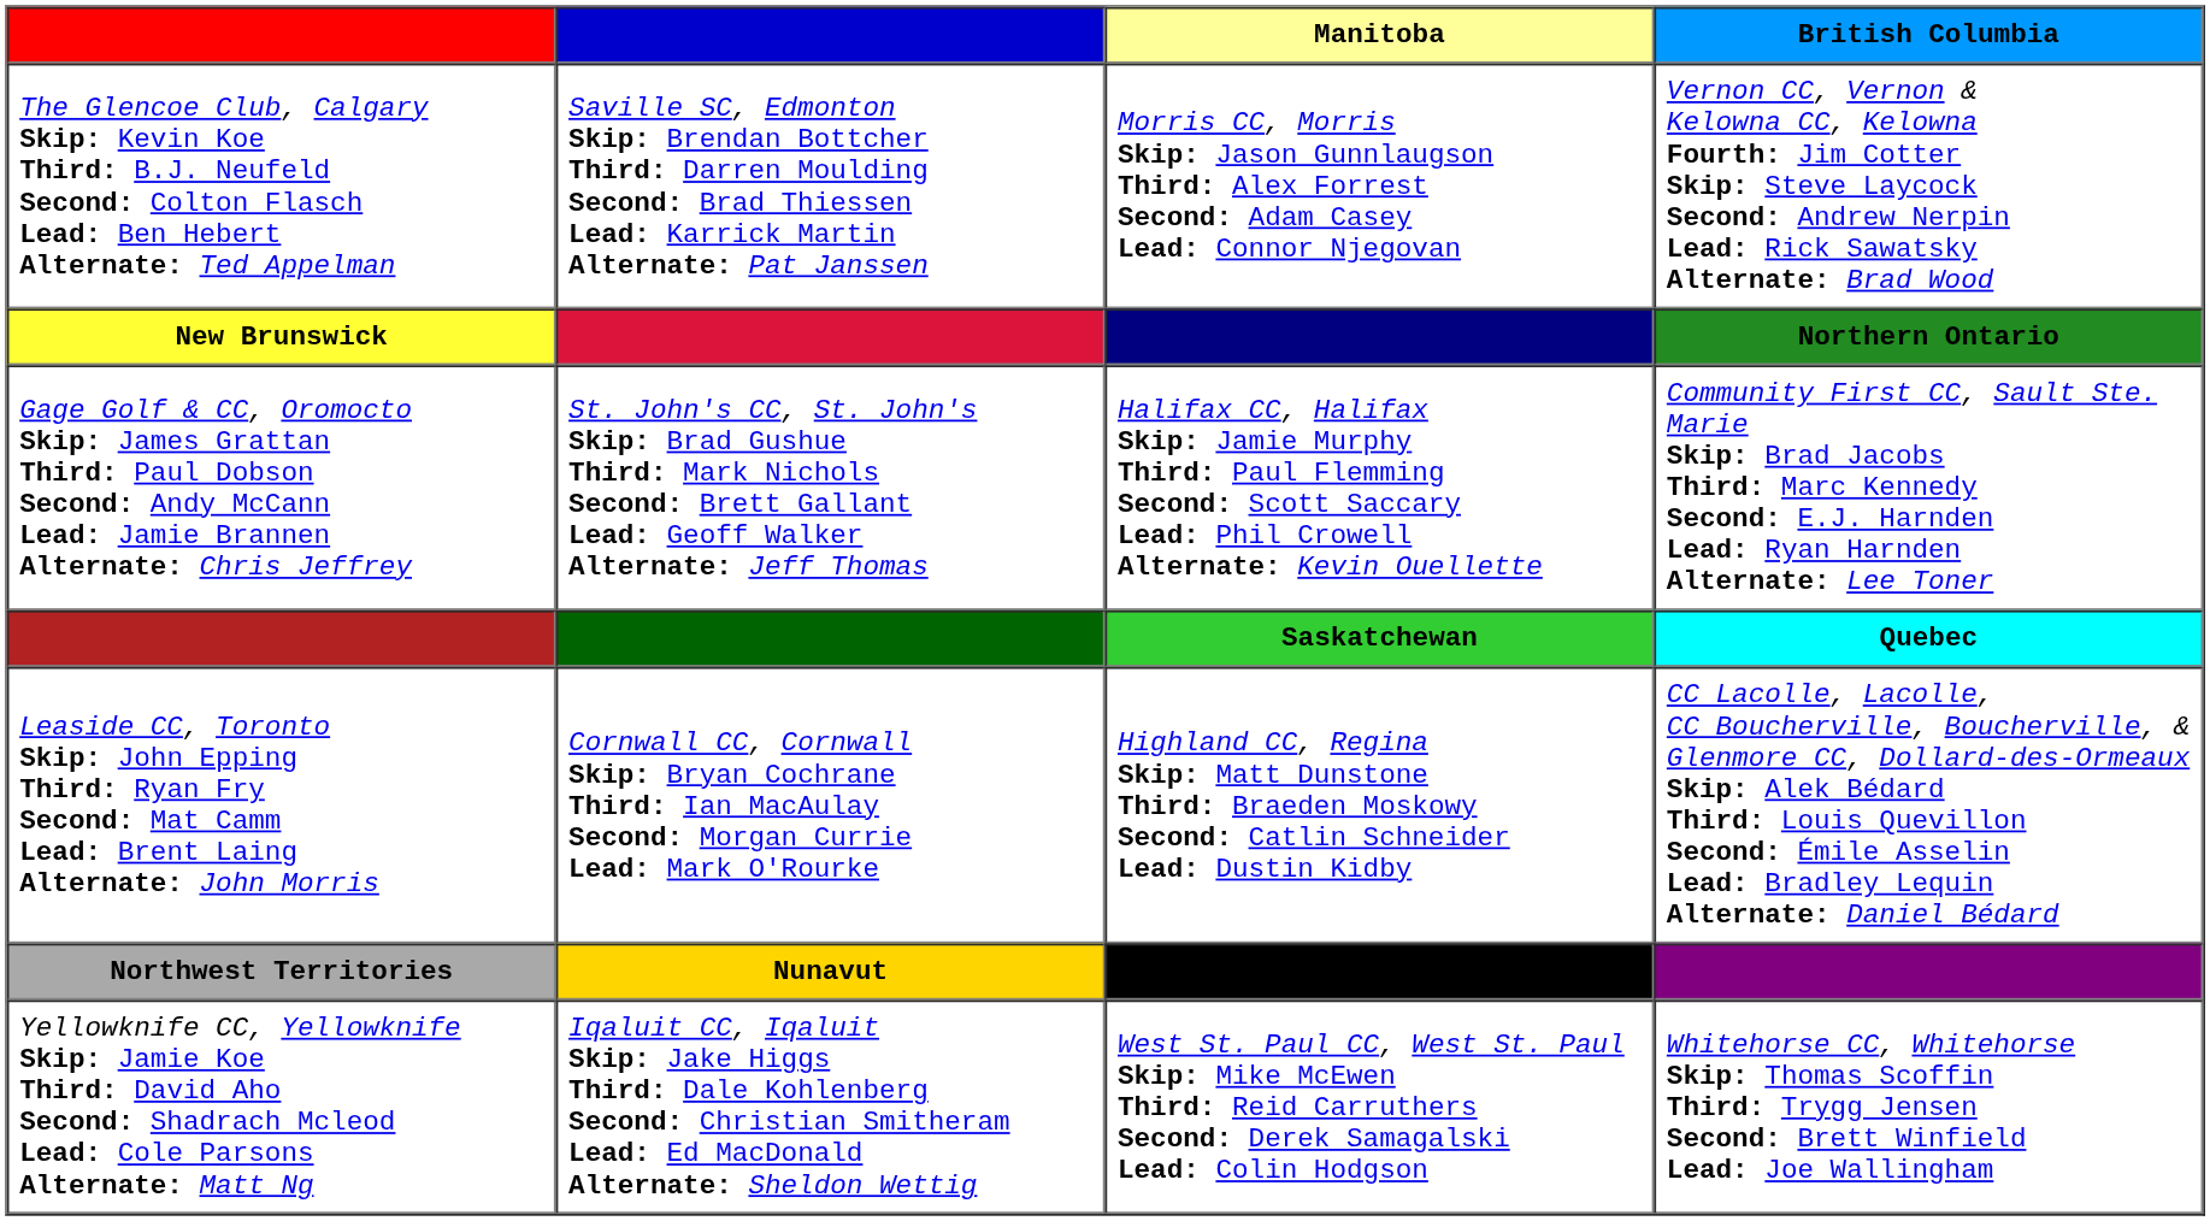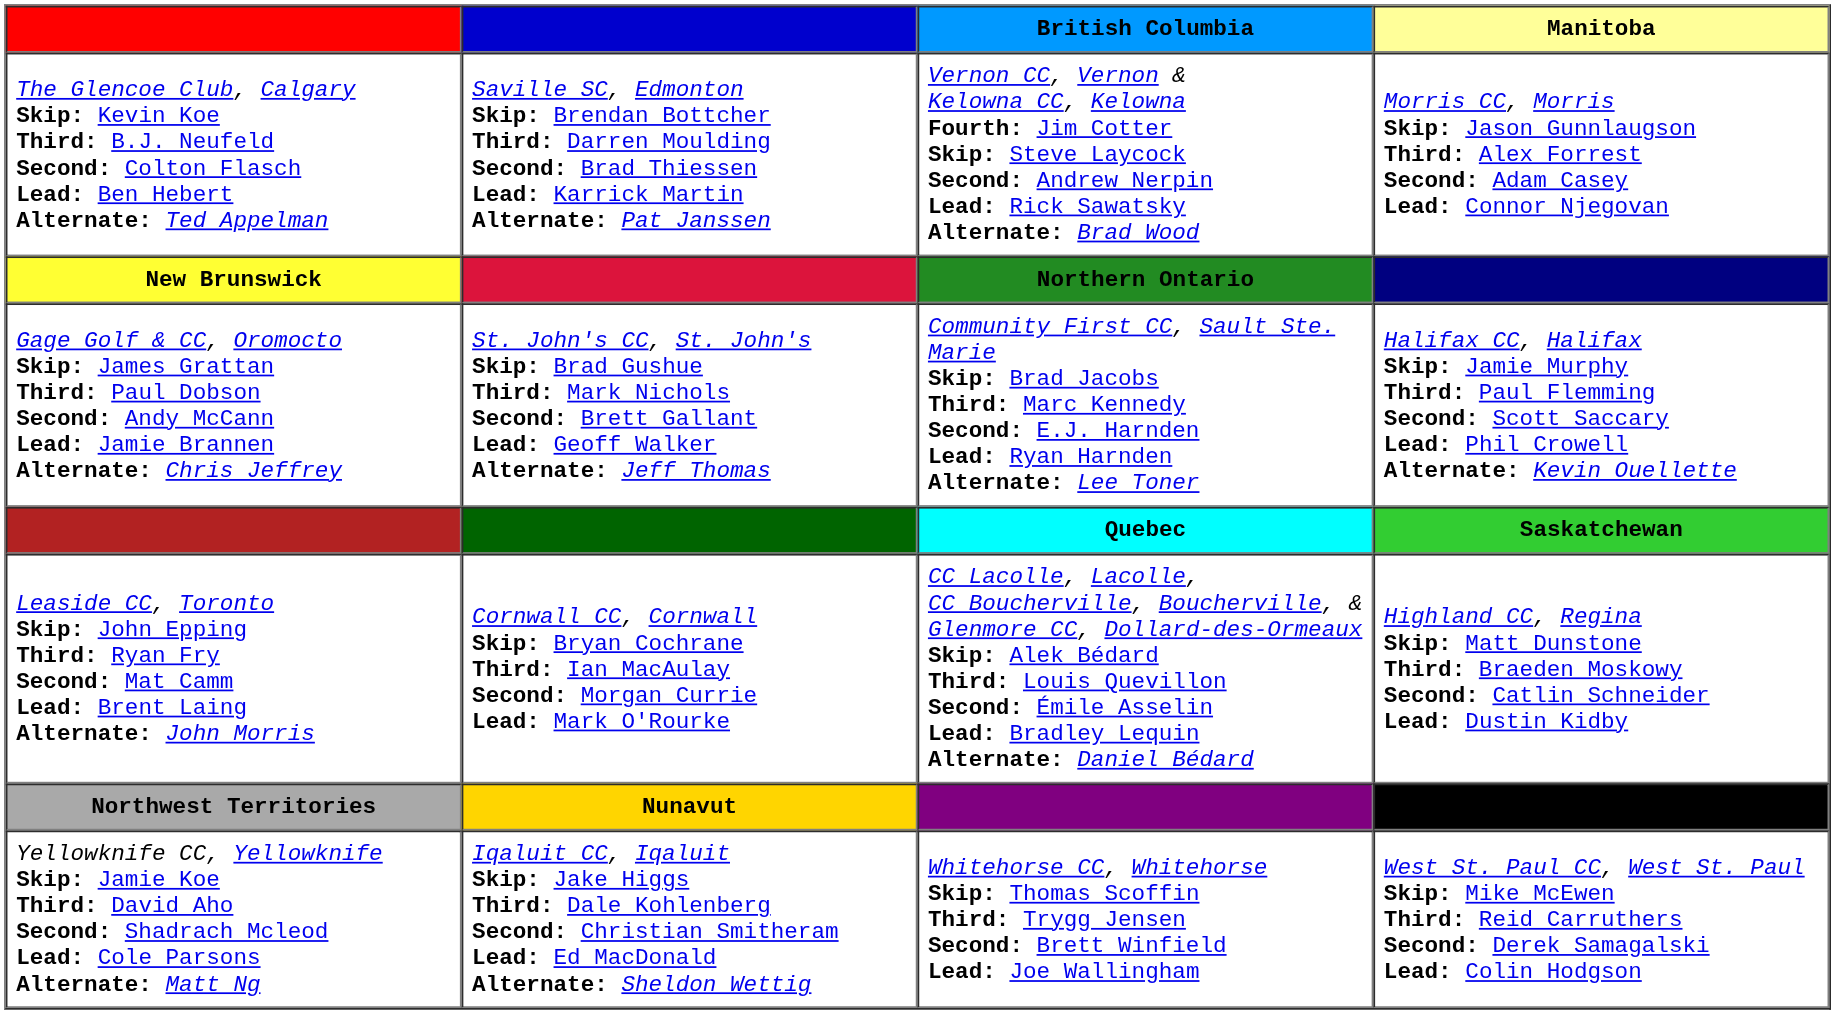 <table border=1 cellpadding=5 cellspacing=0>
 <tr>
 <th bgcolor="#FF0000" width="250"> </th>
 <th bgcolor="#0000CD" width="250"> </th>
+<th bgcolor="#0099FF" width="250"> British Columbia</th>
 <th bgcolor="#FFFF99" width="250"> Manitoba</th>
-<th bgcolor="#0099FF" width="250"> British Columbia</th>
 </tr>
 <tr>
 <td><em><a href='#'>The Glencoe Club</a>, <a href='#'>Calgary</a></em><br><strong>Skip:</strong> <a href='#'>Kevin Koe</a><br> <strong>Third:</strong> <a href='#'>B.J. Neufeld</a><br> <strong>Second:</strong> <a href='#'>Colton Flasch</a><br> <strong>Lead:</strong> <a href='#'>Ben Hebert</a><br> <strong>Alternate:</strong> <em><a href='#'>Ted Appelman</a></em></td>
 <td><em><a href='#'>Saville SC</a>, <a href='#'>Edmonton</a></em><br><strong>Skip:</strong> <a href='#'>Brendan Bottcher</a><br> <strong>Third:</strong> <a href='#'>Darren Moulding</a><br> <strong>Second:</strong> <a href='#'>Brad Thiessen</a><br> <strong>Lead:</strong> <a href='#'>Karrick Martin</a><br> <strong>Alternate:</strong> <em><a href='#'>Pat Janssen</a></em></td>
+<td><em><a href='#'>Vernon CC</a>, <a href='#'>Vernon</a> &<br><a href='#'>Kelowna CC</a>, <a href='#'>Kelowna</a></em><br><strong>Fourth:</strong> <a href='#'>Jim Cotter</a><br> <strong>Skip:</strong> <a href='#'>Steve Laycock</a><br> <strong>Second:</strong> <a href='#'>Andrew Nerpin</a><br> <strong>Lead:</strong> <a href='#'>Rick Sawatsky</a><br> <strong>Alternate:</strong> <em><a href='#'>Brad Wood</a></em></td>
 <td><em><a href='#'>Morris CC</a>, <a href='#'>Morris</a></em><br><strong>Skip:</strong> <a href='#'>Jason Gunnlaugson</a><br> <strong>Third:</strong> <a href='#'>Alex Forrest</a><br> <strong>Second:</strong> <a href='#'>Adam Casey</a><br> <strong>Lead:</strong> <a href='#'>Connor Njegovan</a></td>
-<td><em><a href='#'>Vernon CC</a>, <a href='#'>Vernon</a> &<br><a href='#'>Kelowna CC</a>, <a href='#'>Kelowna</a></em><br><strong>Fourth:</strong> <a href='#'>Jim Cotter</a><br> <strong>Skip:</strong> <a href='#'>Steve Laycock</a><br> <strong>Second:</strong> <a href='#'>Andrew Nerpin</a><br> <strong>Lead:</strong> <a href='#'>Rick Sawatsky</a><br> <strong>Alternate:</strong> <em><a href='#'>Brad Wood</a></em></td>
 </tr>
 <tr border=1 cellpadding=5 cellspacing=0>
 <th bgcolor="#FFFF33" width="250"> New Brunswick</th>
 <th bgcolor="#DC143C" width="250"> </th>
+<th bgcolor="#228B22" width="250"> Northern Ontario</th>
 <th bgcolor="#000080" width="250"> </th>
-<th bgcolor="#228B22" width="250"> Northern Ontario</th>
 </tr>
 <tr>
 <td><em><a href='#'>Gage Golf & CC</a>, <a href='#'>Oromocto</a></em><br><strong>Skip:</strong> <a href='#'>James Grattan</a><br> <strong>Third:</strong> <a href='#'>Paul Dobson</a><br> <strong>Second:</strong> <a href='#'>Andy McCann</a><br> <strong>Lead:</strong> <a href='#'>Jamie Brannen</a><br> <strong>Alternate:</strong> <em><a href='#'>Chris Jeffrey</a></em></td>
 <td><em><a href='#'>St. John's CC</a>, <a href='#'>St. John's</a></em><br><strong>Skip:</strong> <a href='#'>Brad Gushue</a><br> <strong>Third:</strong> <a href='#'>Mark Nichols</a><br> <strong>Second:</strong> <a href='#'>Brett Gallant</a><br> <strong>Lead:</strong> <a href='#'>Geoff Walker</a><br> <strong>Alternate:</strong> <em><a href='#'>Jeff Thomas</a></em></td>
+<td><em><a href='#'>Community First CC</a>, <a href='#'>Sault Ste. Marie</a></em><br><strong>Skip:</strong> <a href='#'>Brad Jacobs</a><br> <strong>Third:</strong> <a href='#'>Marc Kennedy</a><br> <strong>Second:</strong> <a href='#'>E.J. Harnden</a><br> <strong>Lead:</strong> <a href='#'>Ryan Harnden</a><br> <strong>Alternate:</strong> <em><a href='#'>Lee Toner</a></em></td>
 <td><em><a href='#'>Halifax CC</a>, <a href='#'>Halifax</a></em><br><strong>Skip:</strong> <a href='#'>Jamie Murphy</a><br> <strong>Third:</strong> <a href='#'>Paul Flemming</a><br> <strong>Second:</strong> <a href='#'>Scott Saccary</a><br> <strong>Lead:</strong>  <a href='#'>Phil Crowell</a><br> <strong>Alternate:</strong> <em><a href='#'>Kevin Ouellette</a></em></td>
-<td><em><a href='#'>Community First CC</a>, <a href='#'>Sault Ste. Marie</a></em><br><strong>Skip:</strong> <a href='#'>Brad Jacobs</a><br> <strong>Third:</strong> <a href='#'>Marc Kennedy</a><br> <strong>Second:</strong> <a href='#'>E.J. Harnden</a><br> <strong>Lead:</strong> <a href='#'>Ryan Harnden</a><br> <strong>Alternate:</strong> <em><a href='#'>Lee Toner</a></em></td>
 </tr>
 <tr border=1 cellpadding=5 cellspacing=0>
 <th bgcolor="#B22222" width="250"> </th>
 <th bgcolor="#006400" width="250"> </th>
+<th bgcolor="#00FFFF" width="250"> Quebec</th>
 <th bgcolor="#32CD32" width="250"> Saskatchewan</th>
-<th bgcolor="#00FFFF" width="250"> Quebec</th>
 </tr>
 <tr>
 <td><em><a href='#'>Leaside CC</a>, <a href='#'>Toronto</a></em><br><strong>Skip:</strong> <a href='#'>John Epping</a><br> <strong>Third:</strong> <a href='#'>Ryan Fry</a><br> <strong>Second:</strong> <a href='#'>Mat Camm</a><br> <strong>Lead:</strong> <a href='#'>Brent Laing</a><br> <strong>Alternate:</strong> <em><a href='#'>John Morris</a></em></td>
 <td><em><a href='#'>Cornwall CC</a>, <a href='#'>Cornwall</a></em><br><strong>Skip:</strong> <a href='#'>Bryan Cochrane</a><br> <strong>Third:</strong> <a href='#'>Ian MacAulay</a><br> <strong>Second:</strong> <a href='#'>Morgan Currie</a><br> <strong>Lead:</strong> <a href='#'>Mark O'Rourke</a></td>
+<td><em><a href='#'>CC Lacolle</a>, <a href='#'>Lacolle</a>,<br><a href='#'>CC Boucherville</a>, <a href='#'>Boucherville</a>, &<br><a href='#'>Glenmore CC</a>, <a href='#'>Dollard-des-Ormeaux</a></em><br><strong>Skip:</strong> <a href='#'>Alek Bédard</a><br> <strong>Third:</strong> <a href='#'>Louis Quevillon</a><br> <strong>Second:</strong> <a href='#'>Émile Asselin</a><br> <strong>Lead:</strong> <a href='#'>Bradley Lequin</a><br> <strong>Alternate:</strong> <em><a href='#'>Daniel Bédard</a></em></td>
 <td><em><a href='#'>Highland CC</a>, <a href='#'>Regina</a></em><br><strong>Skip:</strong> <a href='#'>Matt Dunstone</a><br> <strong>Third:</strong> <a href='#'>Braeden Moskowy</a><br> <strong>Second:</strong> <a href='#'>Catlin Schneider</a><br> <strong>Lead:</strong> <a href='#'>Dustin Kidby</a></td>
-<td><em><a href='#'>CC Lacolle</a>, <a href='#'>Lacolle</a>,<br><a href='#'>CC Boucherville</a>, <a href='#'>Boucherville</a>, &<br><a href='#'>Glenmore CC</a>, <a href='#'>Dollard-des-Ormeaux</a></em><br><strong>Skip:</strong> <a href='#'>Alek Bédard</a><br> <strong>Third:</strong> <a href='#'>Louis Quevillon</a><br> <strong>Second:</strong> <a href='#'>Émile Asselin</a><br> <strong>Lead:</strong> <a href='#'>Bradley Lequin</a><br> <strong>Alternate:</strong> <em><a href='#'>Daniel Bédard</a></em></td>
 </tr>
 <tr border=1 cellpadding=5 cellspacing=0>
 <th bgcolor="#A9A9A9" width="250"> Northwest Territories</th>
 <th bgcolor="#FFDD500" width="250"> Nunavut</th>
+<th bgcolor="#800080" width="250"> </th>
 <th bgcolor="#00000" width="250"> </th>
-<th bgcolor="#800080" width="250"> </th>
 </tr>
 <tr>
 <td><em>Yellowknife CC, <a href='#'>Yellowknife</a></em><br><strong>Skip:</strong> <a href='#'>Jamie Koe</a><br> <strong>Third:</strong> <a href='#'>David Aho</a><br> <strong>Second:</strong> <a href='#'>Shadrach Mcleod</a><br> <strong>Lead:</strong> <a href='#'>Cole Parsons</a><br> <strong>Alternate:</strong> <em><a href='#'>Matt Ng</a></em></td>
 <td><em><a href='#'>Iqaluit CC</a>, <a href='#'>Iqaluit</a></em><br><strong>Skip:</strong> <a href='#'>Jake Higgs</a> <br> <strong>Third:</strong> <a href='#'>Dale Kohlenberg</a><br> <strong>Second:</strong> <a href='#'>Christian Smitheram</a><br> <strong>Lead:</strong> <a href='#'>Ed MacDonald</a><br> <strong>Alternate:</strong> <em><a href='#'>Sheldon Wettig</a></em></td>
+<td><em><a href='#'>Whitehorse CC</a>, <a href='#'>Whitehorse</a></em><br><strong>Skip:</strong> <a href='#'>Thomas Scoffin</a><br> <strong>Third:</strong> <a href='#'>Trygg Jensen</a><br> <strong>Second:</strong> <a href='#'>Brett Winfield</a><br> <strong>Lead:</strong> <a href='#'>Joe Wallingham</a></td>
 <td><em><a href='#'>West St. Paul CC</a>, <a href='#'>West St. Paul</a></em><br><strong>Skip:</strong> <a href='#'>Mike McEwen</a><br> <strong>Third:</strong> <a href='#'>Reid Carruthers</a><br> <strong>Second:</strong> <a href='#'>Derek Samagalski</a><br> <strong>Lead:</strong> <a href='#'>Colin Hodgson</a></td>
-<td><em><a href='#'>Whitehorse CC</a>, <a href='#'>Whitehorse</a></em><br><strong>Skip:</strong> <a href='#'>Thomas Scoffin</a><br> <strong>Third:</strong> <a href='#'>Trygg Jensen</a><br> <strong>Second:</strong> <a href='#'>Brett Winfield</a><br> <strong>Lead:</strong> <a href='#'>Joe Wallingham</a></td>
 </tr>
 </table>
